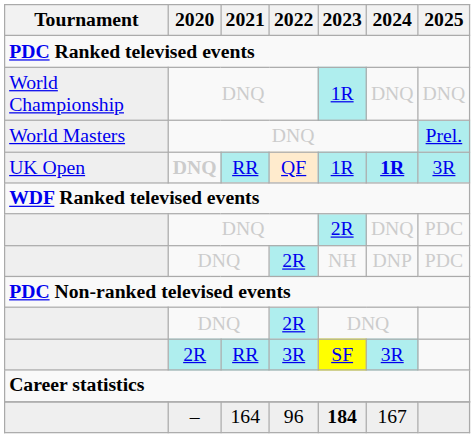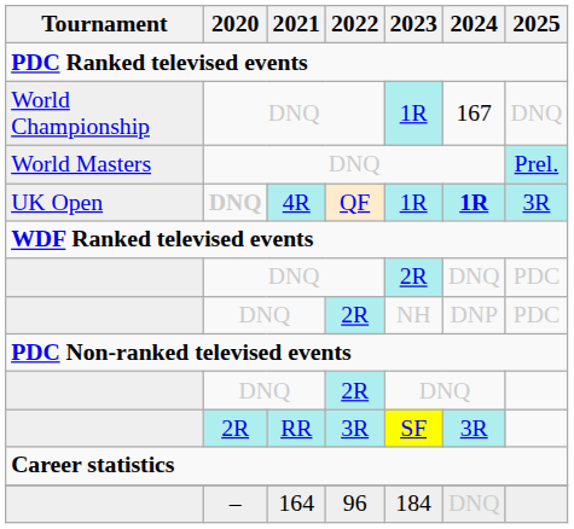 <table class="wikitable" style="width:30%; margin:0">
 <tr>
 <th>Tournament</th>
 <th>2020</th>
 <th>2021</th>
 <th>2022</th>
 <th>2023</th>
 <th>2024</th>
 <th>2025</th>
 </tr>
 <tr>
 <td colspan="10" style="text-align:left"><strong><a href='#'>PDC</a> Ranked televised events</strong></td>
 </tr>
 <tr>
 <td style="background:#efefef;"><a href='#'>World Championship</a></td>
 <td colspan="3" style="text-align:center; color:#ccc;">DNQ</td>
 <td style="text-align:center; background:#afeeee;"><a href='#'>1R</a></td>
-<td style="text-align:center; color:#ccc;">DNQ</td>
+<td style="text-align:center;">167</td>
 <td style="text-align:center; color:#ccc;">DNQ</td>
 </tr>
 <tr>
 <td style="background:#efefef;"><a href='#'>World Masters</a></td>
 <td colspan="5" style="text-align:center; color:#ccc;">DNQ</td>
 <td style="text-align:center; background:#afeeee;"><a href='#'>Prel.</a></td>
 </tr>
 <tr>
 <td style="background:#efefef;"><a href='#'>UK Open</a></td>
 <td style="text-align:center; color:#ccc;"><strong>DNQ</strong></td>
-<td style="text-align:center; background:#afeeee;"><a href='#'>RR</a></td>
+<td style="text-align:center; background:#afeeee;"><a href='#'>4R</a></td>
 <td style="text-align:center; background:#ffebcd;"><a href='#'>QF</a></td>
 <td style="text-align:center; background:#afeeee;"><a href='#'>1R</a></td>
 <td style="text-align:center; background:#afeeee;"><strong><a href='#'>1R</a></strong></td>
 <td style="text-align:center; background:#afeeee;"><a href='#'>3R</a></td>
 </tr>
 <tr>
 <td colspan="10" style="text-align:left"><strong><a href='#'>WDF</a> Ranked televised events</strong></td>
 </tr>
 <tr>
 <td style="background:#efefef;"></td>
 <td colspan="3" style="text-align:center; color:#ccc;">DNQ</td>
 <td style="text-align:center; background:#afeeee;"><a href='#'>2R</a></td>
 <td style="text-align:center; color:#ccc;">DNQ</td>
 <td style="text-align:center; color:#ccc;">PDC</td>
 </tr>
 <tr>
 <td style="background:#efefef;"></td>
 <td colspan="2" style="text-align:center; color:#ccc;">DNQ</td>
 <td style="text-align:center; background:#afeeee;"><a href='#'>2R</a></td>
 <td style="text-align:center; color:#ccc;">NH</td>
 <td style="text-align:center; color:#ccc;">DNP</td>
 <td style="text-align:center; color:#ccc;">PDC</td>
 </tr>
 <tr>
 <td colspan="10" style="text-align:left"><strong><a href='#'>PDC</a> Non-ranked televised events</strong></td>
 </tr>
 <tr>
 <td style="background:#efefef;"></td>
 <td colspan="2" style="text-align:center; color:#ccc;">DNQ</td>
 <td style="text-align:center; background:#afeeee;"><a href='#'>2R</a></td>
 <td colspan="2" style="text-align:center; color:#ccc;">DNQ</td>
 <td></td>
 </tr>
 <tr>
 <td style="background:#efefef;"></td>
 <td style="text-align:center; background:#afeeee;"><a href='#'>2R</a></td>
 <td style="text-align:center; background:#afeeee;"><a href='#'>RR</a></td>
 <td style="text-align:center; background:#afeeee;"><a href='#'>3R</a></td>
 <td style="text-align:center; background:yellow;"><a href='#'>SF</a></td>
 <td style="text-align:center; background:#afeeee;"><a href='#'>3R</a></td>
 <td></td>
 </tr>
 <tr>
 <td colspan="10" style="text-align:left"><strong>Career statistics</strong></td>
 </tr>
 <tr>
 </tr>
 <tr style="background:#efefef">
 <td style="text-align:left"><strong></strong></td>
 <td style="text-align:center;">–</td>
 <td style="text-align:center;">164</td>
 <td style="text-align:center;">96</td>
-<td style="text-align:center;"><strong>184</strong></td>
-<td style="text-align:center;">167</td>
+<td style="text-align:center;">184</td>
+<td style="text-align:center; color:#ccc;">DNQ</td>
 <td></td>
 </tr>
 </table>
